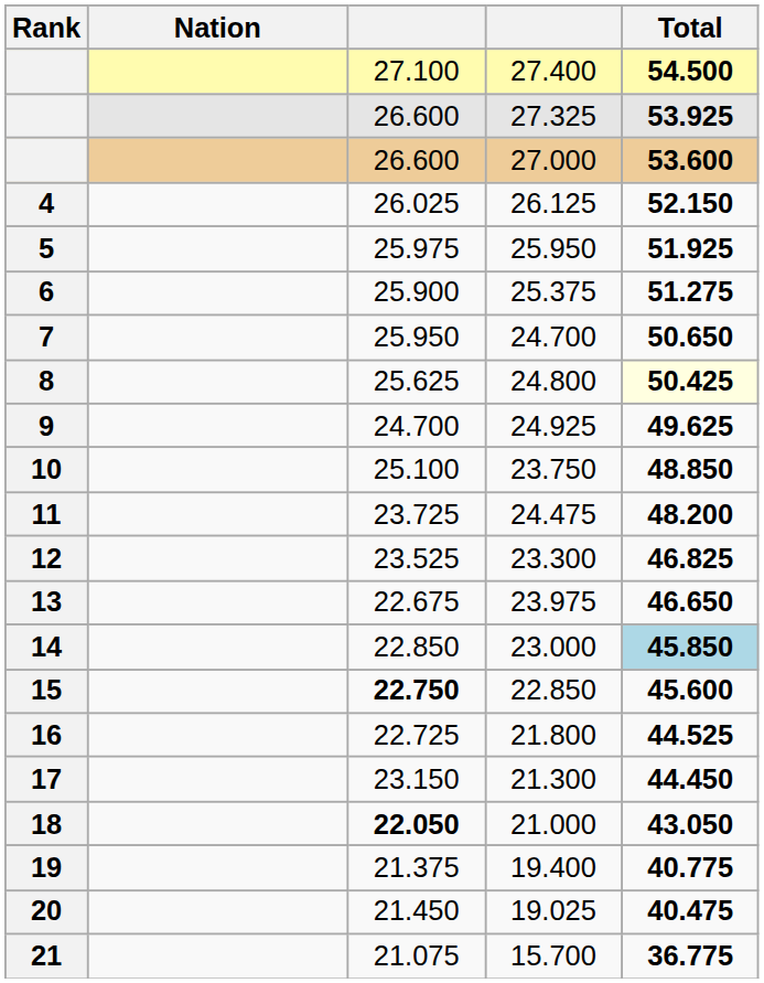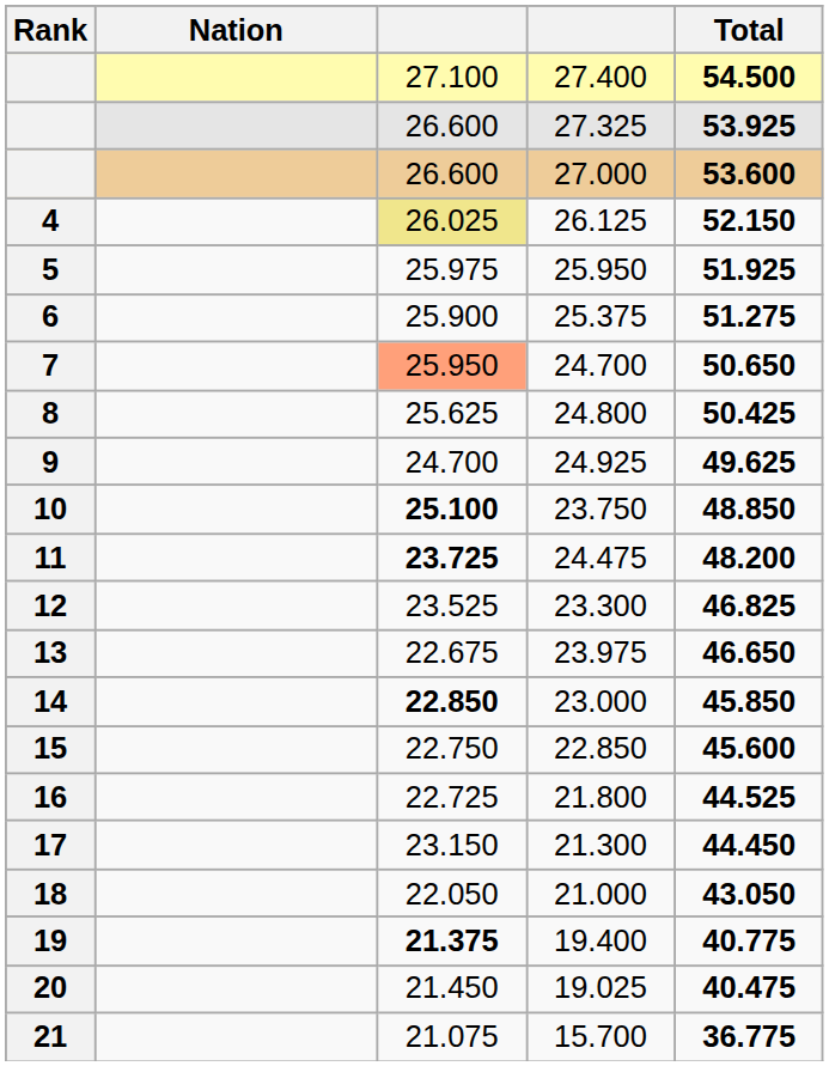 <table class="wikitable sortable" style="text-align:center; font-size:85%">
 <tr>
 <th scope="col" style="width:20px;">Rank</th>
 <th ! scope="col" style="width:120px;">Nation</th>
 <th ! scope="col" style="width:60px;"></th>
 <th ! scope="col" style="width:60px;"> </th>
 <th ! scope="col" style="width:60px;">Total</th>
 </tr>
 <tr bgcolor=fffcaf>
 <th scope=row></th>
 <td align=left></td>
 <td>27.100</td>
 <td>27.400</td>
 <td><strong>54.500</strong></td>
 </tr>
 <tr bgcolor=e5e5e5>
 <th scope=row></th>
 <td align=left></td>
 <td>26.600</td>
 <td>27.325</td>
 <td><strong>53.925</strong></td>
 </tr>
 <tr bgcolor=eecc99>
 <th scope=row></th>
 <td align=left></td>
 <td>26.600</td>
 <td>27.000</td>
 <td><strong>53.600</strong></td>
 </tr>
 <tr>
 <th scope=row>4</th>
 <td align=left></td>
-<td>26.025</td>
+<td style="background: khaki;">26.025</td>
 <td>26.125</td>
 <td><strong>52.150</strong></td>
 </tr>
 <tr>
 <th scope=row>5</th>
 <td align=left></td>
 <td>25.975</td>
 <td>25.950</td>
 <td><strong>51.925</strong></td>
 </tr>
 <tr>
 <th scope=row>6</th>
 <td align=left></td>
 <td>25.900</td>
 <td>25.375</td>
 <td><strong>51.275</strong></td>
 </tr>
 <tr>
 <th scope=row>7</th>
 <td align=left></td>
-<td>25.950</td>
+<td style="background: lightsalmon;">25.950</td>
 <td>24.700</td>
 <td><strong>50.650</strong></td>
 </tr>
 <tr>
 <th scope=row>8</th>
 <td align=left></td>
 <td>25.625</td>
 <td>24.800</td>
-<td style="background: lightyellow;"><strong>50.425</strong></td>
+<td><strong>50.425</strong></td>
 </tr>
 <tr>
 <th scope=row>9</th>
 <td align=left></td>
 <td>24.700</td>
 <td>24.925</td>
 <td><strong>49.625</strong></td>
 </tr>
 <tr>
 <th scope=row>10</th>
 <td align=left></td>
-<td>25.100</td>
+<td><strong>25.100</strong></td>
 <td>23.750</td>
 <td><strong>48.850</strong></td>
 </tr>
 <tr>
 <th scope=row>11</th>
 <td align=left></td>
-<td>23.725</td>
+<td><strong>23.725</strong></td>
 <td>24.475</td>
 <td><strong>48.200</strong></td>
 </tr>
 <tr>
 <th scope=row>12</th>
 <td align=left></td>
 <td>23.525</td>
 <td>23.300</td>
 <td><strong>46.825</strong></td>
 </tr>
 <tr>
 <th scope=row>13</th>
 <td align=left></td>
 <td>22.675</td>
 <td>23.975</td>
 <td><strong>46.650</strong></td>
 </tr>
 <tr>
 <th scope=row>14</th>
 <td align=left></td>
-<td>22.850</td>
+<td><strong>22.850</strong></td>
 <td>23.000</td>
-<td style="background: lightblue;"><strong>45.850</strong></td>
+<td><strong>45.850</strong></td>
 </tr>
 <tr>
 <th scope=row>15</th>
 <td align=left></td>
-<td><strong>22.750</strong></td>
+<td>22.750</td>
 <td>22.850</td>
 <td><strong>45.600</strong></td>
 </tr>
 <tr>
 <th scope=row>16</th>
 <td align=left></td>
 <td>22.725</td>
 <td>21.800</td>
 <td><strong>44.525</strong></td>
 </tr>
 <tr>
 <th scope=row>17</th>
 <td align=left></td>
 <td>23.150</td>
 <td>21.300</td>
 <td><strong>44.450</strong></td>
 </tr>
 <tr>
 <th scope=row>18</th>
 <td align=left></td>
-<td><strong>22.050</strong></td>
+<td>22.050</td>
 <td>21.000</td>
 <td><strong>43.050</strong></td>
 </tr>
 <tr>
 <th scope=row>19</th>
 <td align=left></td>
-<td>21.375</td>
+<td><strong>21.375</strong></td>
 <td>19.400</td>
 <td><strong>40.775</strong></td>
 </tr>
 <tr>
 <th scope=row>20</th>
 <td align=left></td>
 <td>21.450</td>
 <td>19.025</td>
 <td><strong>40.475</strong></td>
 </tr>
 <tr>
 <th scope=row>21</th>
 <td align=left></td>
 <td>21.075</td>
 <td>15.700</td>
 <td><strong>36.775</strong></td>
 </tr>
 <tr>
 </tr>
 </table>
